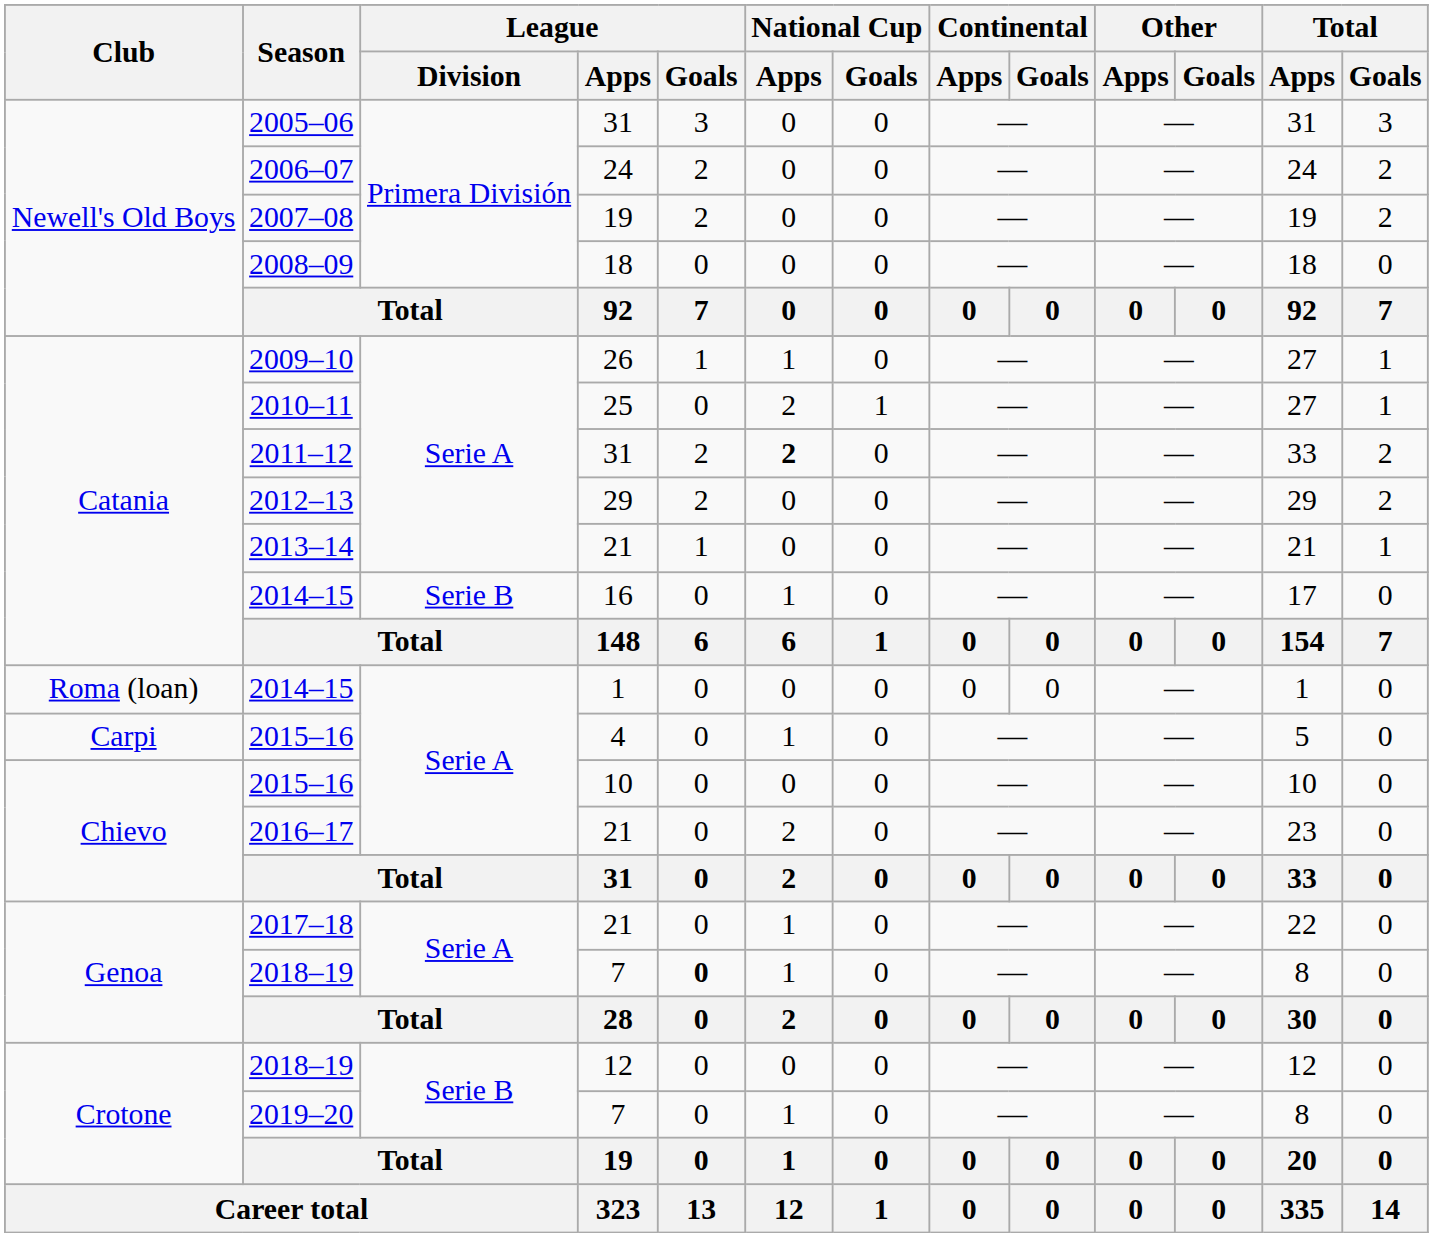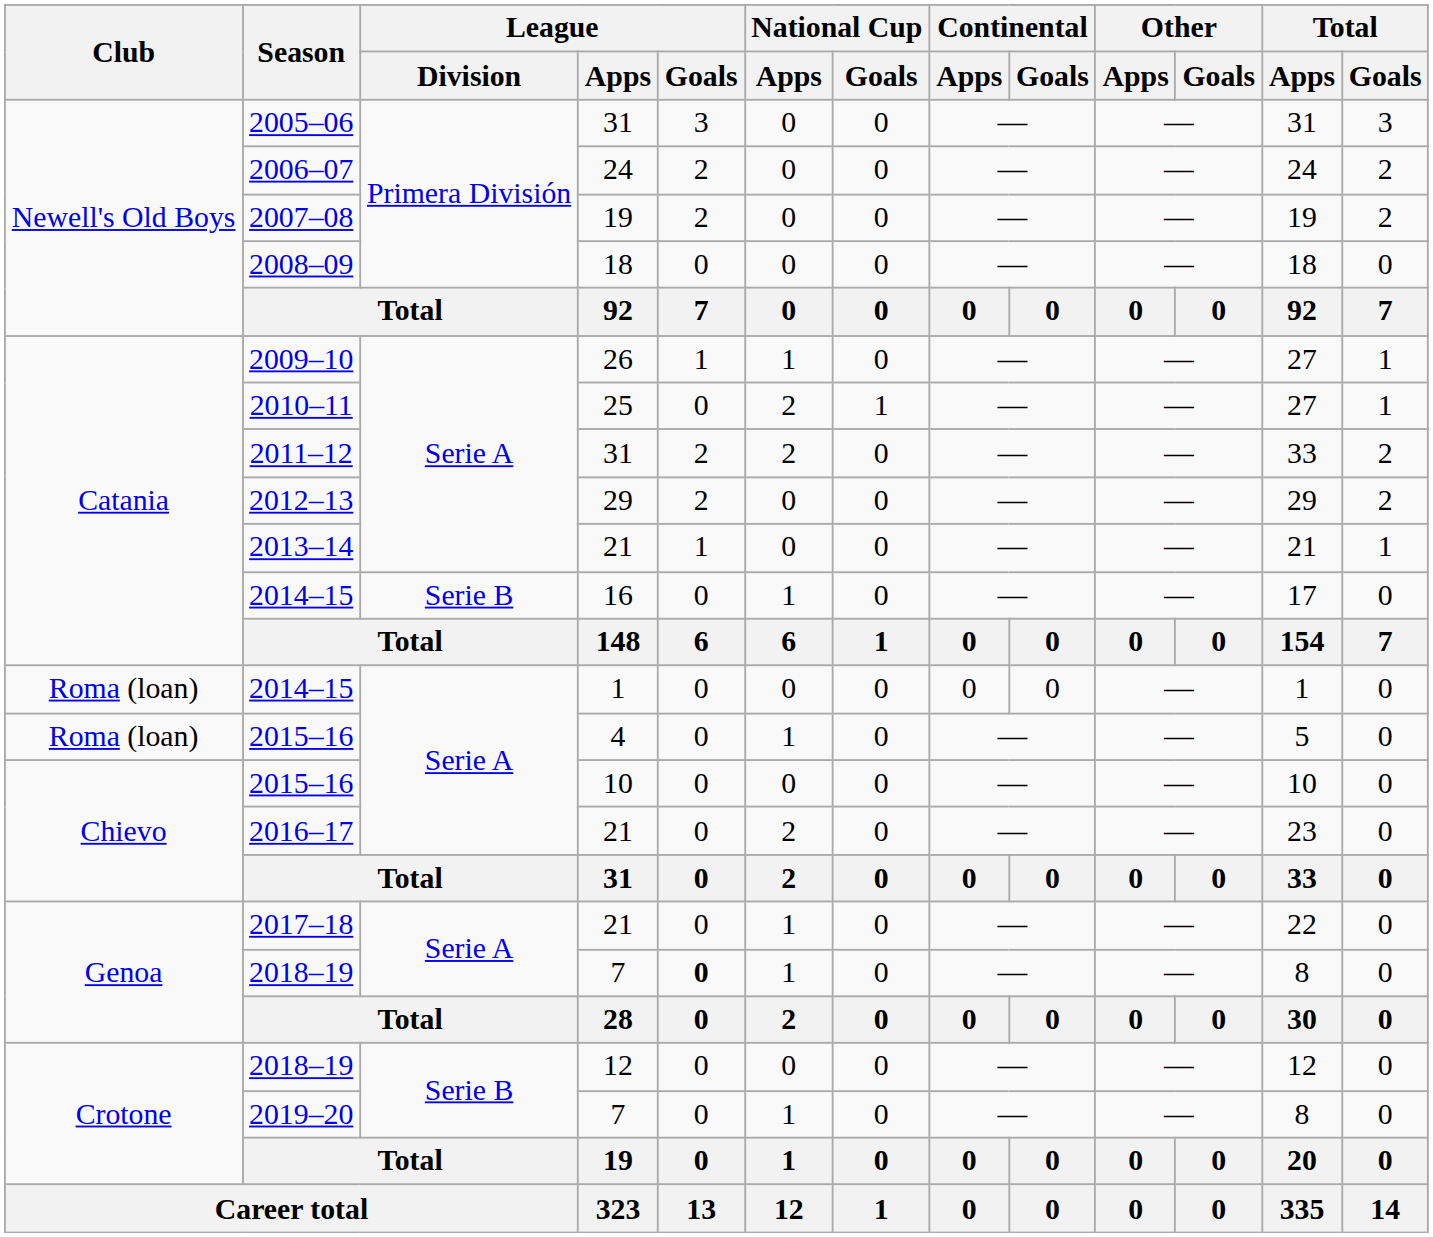 <table class="wikitable" style="text-align: center;">
 <tr>
 <th rowspan="2">Club</th>
 <th rowspan="2">Season</th>
 <th colspan="3">League</th>
 <th colspan="2">National Cup</th>
 <th colspan="2">Continental</th>
 <th colspan="2">Other</th>
 <th colspan="2">Total</th>
 </tr>
 <tr>
 <th>Division</th>
 <th>Apps</th>
 <th>Goals</th>
 <th>Apps</th>
 <th>Goals</th>
 <th>Apps</th>
 <th>Goals</th>
 <th>Apps</th>
 <th>Goals</th>
 <th>Apps</th>
 <th>Goals</th>
 </tr>
 <tr>
 <td rowspan="5"><a href='#'>Newell's Old Boys</a></td>
 <td><a href='#'>2005–06</a></td>
 <td rowspan="4"><a href='#'>Primera División</a></td>
 <td>31</td>
 <td>3</td>
 <td>0</td>
 <td>0</td>
 <td colspan="2“">—</td>
 <td colspan="2“">—</td>
 <td>31</td>
 <td>3</td>
 </tr>
 <tr>
 <td><a href='#'>2006–07</a></td>
 <td>24</td>
 <td>2</td>
 <td>0</td>
 <td>0</td>
 <td colspan="2“">—</td>
 <td colspan="2“">—</td>
 <td>24</td>
 <td>2</td>
 </tr>
 <tr>
 <td><a href='#'>2007–08</a></td>
 <td>19</td>
 <td>2</td>
 <td>0</td>
 <td>0</td>
 <td colspan="2“">—</td>
 <td colspan="2“">—</td>
 <td>19</td>
 <td>2</td>
 </tr>
 <tr>
 <td><a href='#'>2008–09</a></td>
 <td>18</td>
 <td>0</td>
 <td>0</td>
 <td>0</td>
 <td colspan="2“">—</td>
 <td colspan="2“">—</td>
 <td>18</td>
 <td>0</td>
 </tr>
 <tr>
 <th colspan="2">Total</th>
 <th>92</th>
 <th>7</th>
 <th>0</th>
 <th>0</th>
 <th>0</th>
 <th>0</th>
 <th>0</th>
 <th>0</th>
 <th>92</th>
 <th>7</th>
 </tr>
 <tr>
 <td rowspan="7"><a href='#'>Catania</a></td>
 <td><a href='#'>2009–10</a></td>
 <td rowspan="5"><a href='#'>Serie A</a></td>
 <td>26</td>
 <td>1</td>
 <td>1</td>
 <td>0</td>
 <td colspan="2“">—</td>
 <td colspan="2“">—</td>
 <td>27</td>
 <td>1</td>
 </tr>
 <tr>
 <td><a href='#'>2010–11</a></td>
 <td>25</td>
 <td>0</td>
 <td>2</td>
 <td>1</td>
 <td colspan="2“">—</td>
 <td colspan="2“">—</td>
 <td>27</td>
 <td>1</td>
 </tr>
 <tr>
 <td><a href='#'>2011–12</a></td>
 <td>31</td>
 <td>2</td>
-<td><strong>2</strong></td>
+<td>2</td>
 <td>0</td>
 <td colspan="2“">—</td>
 <td colspan="2“">—</td>
 <td>33</td>
 <td>2</td>
 </tr>
 <tr>
 <td><a href='#'>2012–13</a></td>
 <td>29</td>
 <td>2</td>
 <td>0</td>
 <td>0</td>
 <td colspan="2“">—</td>
 <td colspan="2“">—</td>
 <td>29</td>
 <td>2</td>
 </tr>
 <tr>
 <td><a href='#'>2013–14</a></td>
 <td>21</td>
 <td>1</td>
 <td>0</td>
 <td>0</td>
 <td colspan="2“">—</td>
 <td colspan="2“">—</td>
 <td>21</td>
 <td>1</td>
 </tr>
 <tr>
 <td><a href='#'>2014–15</a></td>
 <td rowspan="1"><a href='#'>Serie B</a></td>
 <td>16</td>
 <td>0</td>
 <td>1</td>
 <td>0</td>
 <td colspan="2“">—</td>
 <td colspan="2“">—</td>
 <td>17</td>
 <td>0</td>
 </tr>
 <tr>
 <th colspan="2">Total</th>
 <th>148</th>
 <th>6</th>
 <th>6</th>
 <th>1</th>
 <th>0</th>
 <th>0</th>
 <th>0</th>
 <th>0</th>
 <th>154</th>
 <th>7</th>
 </tr>
 <tr>
 <td><a href='#'>Roma</a> (loan)</td>
 <td><a href='#'>2014–15</a></td>
 <td rowspan="4"><a href='#'>Serie A</a></td>
 <td>1</td>
 <td>0</td>
 <td>0</td>
 <td>0</td>
 <td>0</td>
 <td>0</td>
 <td colspan="2“">—</td>
 <td>1</td>
 <td>0</td>
 </tr>
 <tr>
-<td><a href='#'>Carpi</a></td>
+<td><a href='#'>Roma</a> (loan)</td>
 <td><a href='#'>2015–16</a></td>
 <td>4</td>
 <td>0</td>
 <td>1</td>
 <td>0</td>
 <td colspan="2“">—</td>
 <td colspan="2“">—</td>
 <td>5</td>
 <td>0</td>
 </tr>
 <tr>
 <td rowspan="3"><a href='#'>Chievo</a></td>
 <td><a href='#'>2015–16</a></td>
 <td>10</td>
 <td>0</td>
 <td>0</td>
 <td>0</td>
 <td colspan="2“">—</td>
 <td colspan="2“">—</td>
 <td>10</td>
 <td>0</td>
 </tr>
 <tr>
 <td><a href='#'>2016–17</a></td>
 <td>21</td>
 <td>0</td>
 <td>2</td>
 <td>0</td>
 <td colspan="2“">—</td>
 <td colspan="2“">—</td>
 <td>23</td>
 <td>0</td>
 </tr>
 <tr>
 <th colspan="2">Total</th>
 <th>31</th>
 <th>0</th>
 <th>2</th>
 <th>0</th>
 <th>0</th>
 <th>0</th>
 <th>0</th>
 <th>0</th>
 <th>33</th>
 <th>0</th>
 </tr>
 <tr>
 <td rowspan="3"><a href='#'>Genoa</a></td>
 <td><a href='#'>2017–18</a></td>
 <td rowspan="2"><a href='#'>Serie A</a></td>
 <td>21</td>
 <td>0</td>
 <td>1</td>
 <td>0</td>
 <td colspan="2“">—</td>
 <td colspan="2“">—</td>
 <td>22</td>
 <td>0</td>
 </tr>
 <tr>
 <td><a href='#'>2018–19</a></td>
 <td>7</td>
 <td><strong>0</strong></td>
 <td>1</td>
 <td>0</td>
 <td colspan="2“">—</td>
 <td colspan="2“">—</td>
 <td>8</td>
 <td>0</td>
 </tr>
 <tr>
 <th colspan="2">Total</th>
 <th>28</th>
 <th>0</th>
 <th>2</th>
 <th>0</th>
 <th>0</th>
 <th>0</th>
 <th>0</th>
 <th>0</th>
 <th>30</th>
 <th>0</th>
 </tr>
 <tr>
 <td rowspan="3"><a href='#'>Crotone</a></td>
 <td><a href='#'>2018–19</a></td>
 <td rowspan="2"><a href='#'>Serie B</a></td>
 <td>12</td>
 <td>0</td>
 <td>0</td>
 <td>0</td>
 <td colspan="2“">—</td>
 <td colspan="2“">—</td>
 <td>12</td>
 <td>0</td>
 </tr>
 <tr>
 <td><a href='#'>2019–20</a></td>
 <td>7</td>
 <td>0</td>
 <td>1</td>
 <td>0</td>
 <td colspan="2“">—</td>
 <td colspan="2“">—</td>
 <td>8</td>
 <td>0</td>
 </tr>
 <tr>
 <th colspan="2">Total</th>
 <th>19</th>
 <th>0</th>
 <th>1</th>
 <th>0</th>
 <th>0</th>
 <th>0</th>
 <th>0</th>
 <th>0</th>
 <th>20</th>
 <th>0</th>
 </tr>
 <tr>
 <th colspan="3">Career total</th>
 <th>323</th>
 <th>13</th>
 <th>12</th>
 <th>1</th>
 <th>0</th>
 <th>0</th>
 <th>0</th>
 <th>0</th>
 <th>335</th>
 <th>14</th>
 </tr>
 </table>
